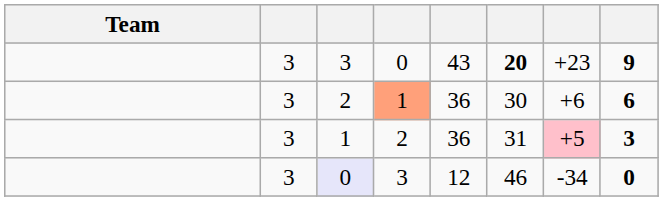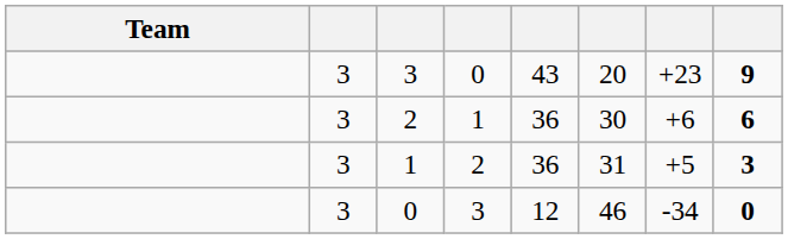 <table class="wikitable" style="text-align:center;font-size:95%">
 <tr>
 <th width="160">Team</th>
 <th width="30"></th>
 <th width="30"></th>
 <th width="30"></th>
 <th width="30"></th>
 <th width="30"></th>
 <th width="30"></th>
 <th width="30"></th>
 </tr>
 <tr>
 <td align="left"></td>
 <td>3</td>
 <td>3</td>
 <td>0</td>
 <td>43</td>
-<td><strong>20</strong></td>
+<td>20</td>
 <td>+23</td>
 <td><strong>9</strong></td>
 </tr>
 <tr>
 <td align="left"></td>
 <td>3</td>
 <td>2</td>
-<td style="background: lightsalmon;">1</td>
+<td>1</td>
 <td>36</td>
 <td>30</td>
 <td>+6</td>
 <td><strong>6</strong></td>
 </tr>
 <tr>
 <td align="left"></td>
 <td>3</td>
 <td>1</td>
 <td>2</td>
 <td>36</td>
 <td>31</td>
-<td style="background: pink;">+5</td>
+<td>+5</td>
 <td><strong>3</strong></td>
 </tr>
 <tr>
 <td align="left"></td>
 <td>3</td>
-<td style="background: lavender;">0</td>
+<td>0</td>
 <td>3</td>
 <td>12</td>
 <td>46</td>
 <td>-34</td>
 <td><strong>0</strong></td>
 </tr>
 </table>
